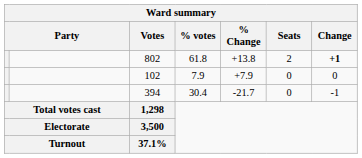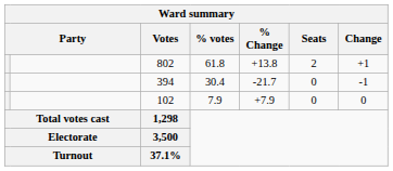 <table class="wikitable" style="font-size:95%;">
 <tr>
 <th colspan="7">Ward summary</th>
 </tr>
 <tr>
 <th colspan="2">Party</th>
 <th style="width: 60px">Votes</th>
 <th style="width: 60px">% votes</th>
 <th style="width: 60px">% Change</th>
 <th style="width: 60px">Seats</th>
 <th style="width: 60px">Change</th>
 </tr>
 <tr>
 <th style="background-color: "></th>
 <td style="width: 170px"><a href='#'></a></td>
 <td align="center">802</td>
 <td align="center">61.8</td>
 <td align="center">+13.8</td>
 <td align="center">2</td>
-<td align="center"><strong>+1</strong></td>
+<td align="center">+1</td>
+</tr>
+<tr>
+<th style="background-color: "></th>
+<td style="width: 170px"><a href='#'></a></td>
+<td align="center">394</td>
+<td align="center">30.4</td>
+<td align="center">-21.7</td>
+<td align="center">0</td>
+<td align="center">-1</td>
 </tr>
 <tr>
 <th style="background-color: "></th>
 <td style="width: 170px"><a href='#'></a></td>
 <td align="center">102</td>
 <td align="center">7.9</td>
 <td align="center">+7.9</td>
 <td align="center">0</td>
 <td align="center">0</td>
-</tr>
-<tr>
-<th style="background-color: "></th>
-<td style="width: 170px"><a href='#'></a></td>
-<td align="center">394</td>
-<td align="center">30.4</td>
-<td align="center">-21.7</td>
-<td align="center">0</td>
-<td align="center">-1</td>
 </tr>
 <tr style="background-color:#E9E9E9">
 <th colspan="2">Total votes cast</th>
 <th style="width: 60px">1,298</th>
 </tr>
 <tr style="background-color:#E9E9E9">
 <th colspan="2">Electorate</th>
 <th style="width: 60px">3,500</th>
 </tr>
 <tr style="background-color:#E9E9E9">
 <th colspan="2">Turnout</th>
 <th style="width: 60px">37.1%</th>
 </tr>
 </table>
